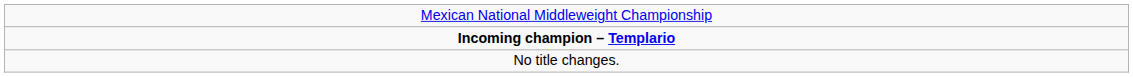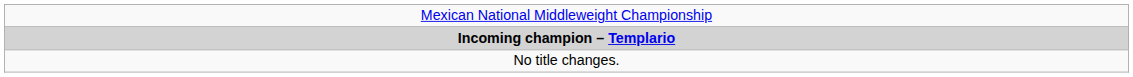 <table class="wikitable" style="text-align:center; width:100%;">
 <tr>
 <td style="text-align: center;"><a href='#'>Mexican National Middleweight Championship</a></td>
 </tr>
 <tr>
-<td style="text-align: center;"><strong>Incoming champion – <a href='#'>Templario</a></strong></td>
+<td style="background: lightgrey; text-align: center;"><strong>Incoming champion – <a href='#'>Templario</a></strong></td>
 </tr>
 <tr>
 <td>No title changes.</td>
 </tr>
 </table>
